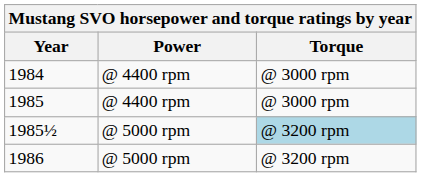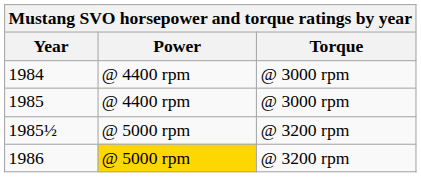 <table class="wikitable">
 <tr>
 <th colspan="8">Mustang SVO horsepower and torque ratings by year</th>
 </tr>
 <tr>
 <th>Year</th>
 <th>Power</th>
 <th>Torque</th>
 </tr>
 <tr>
 <td>1984</td>
 <td> @ 4400 rpm</td>
 <td> @ 3000 rpm</td>
 </tr>
 <tr>
 <td>1985</td>
 <td> @ 4400 rpm</td>
 <td> @ 3000 rpm</td>
 </tr>
 <tr>
 <td>1985½</td>
 <td> @ 5000 rpm</td>
-<td style="background: lightblue;"> @ 3200 rpm</td>
+<td> @ 3200 rpm</td>
 </tr>
 <tr>
 <td>1986</td>
-<td> @ 5000 rpm</td>
+<td style="background: gold;"> @ 5000 rpm</td>
 <td> @ 3200 rpm</td>
 </tr>
 </table>
